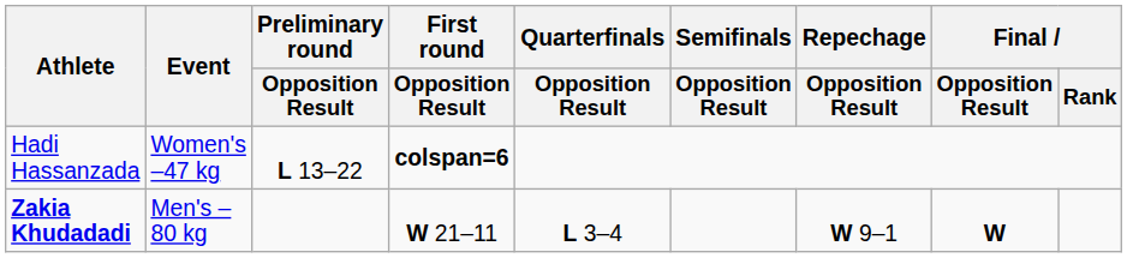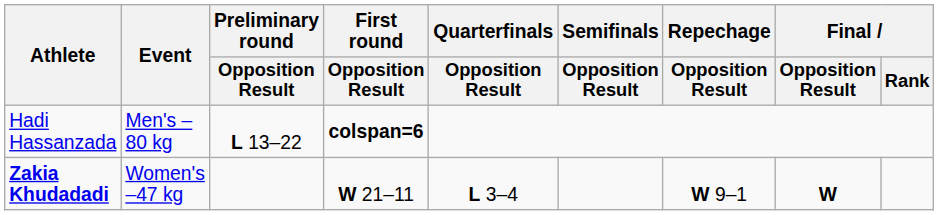 <table class="wikitable" style="font-size:90%;">
 <tr>
 <th rowspan=2>Athlete</th>
 <th rowspan=2>Event</th>
 <th>Preliminary round</th>
 <th>First round</th>
 <th>Quarterfinals</th>
 <th>Semifinals</th>
 <th>Repechage</th>
 <th colspan=2>Final / </th>
 </tr>
 <tr style="font-size:95%">
 <th>Opposition<br>Result</th>
 <th>Opposition<br>Result</th>
 <th>Opposition<br>Result</th>
 <th>Opposition<br>Result</th>
 <th>Opposition<br>Result</th>
 <th>Opposition<br>Result</th>
 <th>Rank</th>
 </tr>
 <tr align=center>
 <td align=left><a href='#'>Hadi Hassanzada</a></td>
-<td align=left><a href='#'>Women's –47 kg</a></td>
+<td align=left><a href='#'>Men's –80 kg</a></td>
 <td><br><strong>L</strong> 13–22</td>
 <td><strong>colspan=6 </strong></td>
 </tr>
 <tr align=center>
 <td align=left><strong><a href='#'>Zakia Khudadadi</a></strong></td>
-<td align=left><a href='#'>Men's –80 kg</a></td>
+<td align=left><a href='#'>Women's –47 kg</a></td>
 <td></td>
 <td><br><strong>W</strong> 21–11</td>
 <td><br><strong>L</strong> 3–4</td>
 <td></td>
 <td><br><strong>W</strong> 9–1</td>
 <td><br><strong>W</strong> </td>
 <td></td>
 </tr>
 </table>
